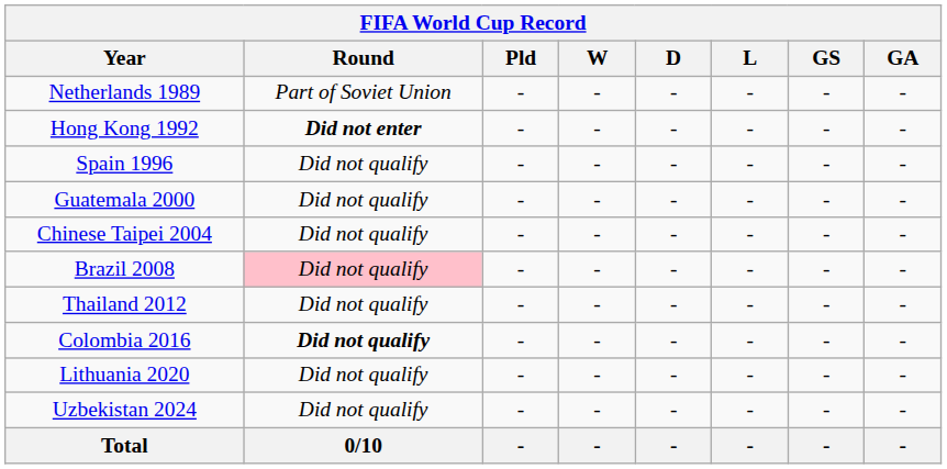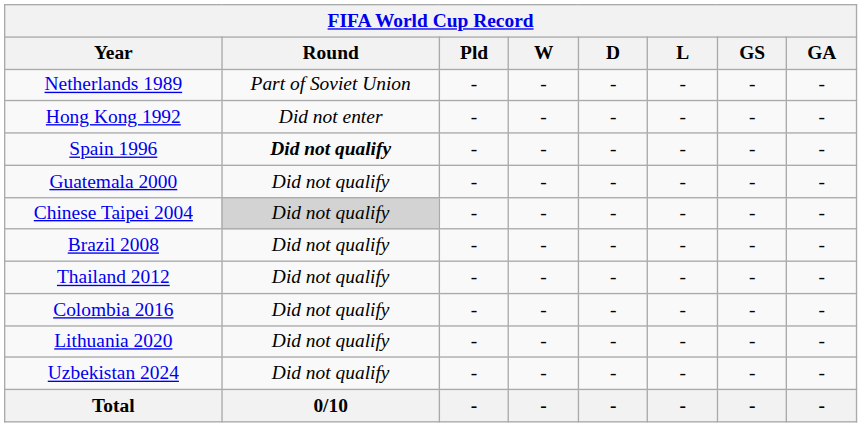 <table class="wikitable" width=50% style="text-align: center;font-size:90%;">
 <tr>
 <th colspan=9><a href='#'>FIFA World Cup Record</a></th>
 </tr>
 <tr>
 <th width=25%>Year</th>
 <th width=25%>Round</th>
 <th width=8%>Pld</th>
 <th width=8%>W</th>
 <th width=8%>D</th>
 <th width=8%>L</th>
 <th width=8%>GS</th>
 <th width=8%>GA</th>
 </tr>
 <tr>
 <td><a href='#'>Netherlands 1989</a></td>
 <td><em>Part of Soviet Union</em></td>
 <td>-</td>
 <td>-</td>
 <td>-</td>
 <td>-</td>
 <td>-</td>
 <td>-</td>
 </tr>
 <tr>
 <td><a href='#'>Hong Kong 1992</a></td>
-<td><strong><em>Did not enter</em></strong></td>
+<td><em>Did not enter</em></td>
 <td>-</td>
 <td>-</td>
 <td>-</td>
 <td>-</td>
 <td>-</td>
 <td>-</td>
 </tr>
 <tr>
 <td><a href='#'>Spain 1996</a></td>
-<td><em>Did not qualify</em></td>
+<td><strong><em>Did not qualify</em></strong></td>
 <td>-</td>
 <td>-</td>
 <td>-</td>
 <td>-</td>
 <td>-</td>
 <td>-</td>
 </tr>
 <tr>
 <td><a href='#'>Guatemala 2000</a></td>
 <td><em>Did not qualify</em></td>
 <td>-</td>
 <td>-</td>
 <td>-</td>
 <td>-</td>
 <td>-</td>
 <td>-</td>
 </tr>
 <tr>
 <td><a href='#'>Chinese Taipei 2004</a></td>
-<td><em>Did not qualify</em></td>
+<td style="background: lightgrey;"><em>Did not qualify</em></td>
 <td>-</td>
 <td>-</td>
 <td>-</td>
 <td>-</td>
 <td>-</td>
 <td>-</td>
 </tr>
 <tr>
 <td><a href='#'>Brazil 2008</a></td>
-<td style="background: pink;"><em>Did not qualify</em></td>
+<td><em>Did not qualify</em></td>
 <td>-</td>
 <td>-</td>
 <td>-</td>
 <td>-</td>
 <td>-</td>
 <td>-</td>
 </tr>
 <tr>
 <td><a href='#'>Thailand 2012</a></td>
 <td><em>Did not qualify</em></td>
 <td>-</td>
 <td>-</td>
 <td>-</td>
 <td>-</td>
 <td>-</td>
 <td>-</td>
 </tr>
 <tr>
 <td><a href='#'>Colombia 2016</a></td>
-<td><strong><em>Did not qualify</em></strong></td>
+<td><em>Did not qualify</em></td>
 <td>-</td>
 <td>-</td>
 <td>-</td>
 <td>-</td>
 <td>-</td>
 <td>-</td>
 </tr>
 <tr>
 <td><a href='#'>Lithuania 2020</a></td>
 <td><em>Did not qualify</em></td>
 <td>-</td>
 <td>-</td>
 <td>-</td>
 <td>-</td>
 <td>-</td>
 <td>-</td>
 </tr>
 <tr>
 <td><a href='#'>Uzbekistan 2024</a></td>
 <td><em>Did not qualify</em></td>
 <td>-</td>
 <td>-</td>
 <td>-</td>
 <td>-</td>
 <td>-</td>
 <td>-</td>
 </tr>
 <tr>
 <th><strong>Total</strong></th>
 <th>0/10</th>
 <th>-</th>
 <th>-</th>
 <th>-</th>
 <th>-</th>
 <th>-</th>
 <th>-</th>
 </tr>
 </table>
